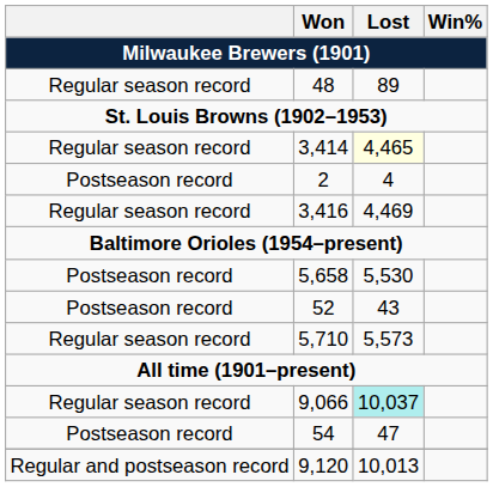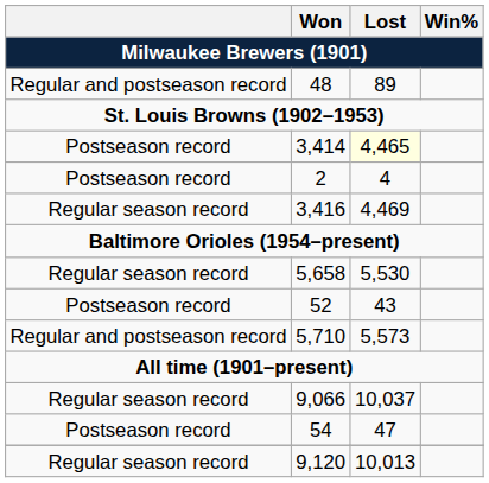 <table class="wikitable plainrowheaders" style="font-size:95%; text-align:center;">
 <tr>
 <th scope="col"></th>
 <th scope="col">Won</th>
 <th scope="col">Lost</th>
 <th scope="col">Win%</th>
 </tr>
 <tr>
 <td colspan="4" style="background-color:#0C2340; color:#FFFFFF;"><strong>Milwaukee Brewers (1901)</strong></td>
 </tr>
 <tr>
-<td>Regular season record</td>
+<td>Regular and postseason record</td>
 <td>48</td>
 <td>89</td>
 <td></td>
 </tr>
 <tr>
 <td colspan="4"><strong>St. Louis Browns (1902–1953)</strong></td>
 </tr>
 <tr>
-<td>Regular season record</td>
+<td>Postseason record</td>
 <td>3,414</td>
 <td style="background: lightyellow;">4,465</td>
 <td></td>
 </tr>
 <tr>
 <td>Postseason record</td>
 <td>2</td>
 <td>4</td>
 <td></td>
 </tr>
 <tr>
 <td>Regular season record</td>
 <td>3,416</td>
 <td>4,469</td>
 <td></td>
 </tr>
 <tr>
 <td colspan="4"><strong>Baltimore Orioles (1954–present)</strong></td>
 </tr>
 <tr>
-<td>Postseason record</td>
+<td>Regular season record</td>
 <td>5,658</td>
 <td>5,530</td>
 <td></td>
 </tr>
 <tr>
 <td>Postseason record</td>
 <td>52</td>
 <td>43</td>
 <td></td>
 </tr>
 <tr>
-<td>Regular season record</td>
+<td>Regular and postseason record</td>
 <td>5,710</td>
 <td>5,573</td>
 <td></td>
 </tr>
 <tr>
 <td colspan="4"><strong>All time (1901–present)</strong></td>
 </tr>
 <tr>
 <td>Regular season record</td>
 <td>9,066</td>
-<td style="background: paleturquoise;">10,037</td>
+<td>10,037</td>
 <td></td>
 </tr>
 <tr>
 <td>Postseason record</td>
 <td>54</td>
 <td>47</td>
 <td></td>
 </tr>
 <tr>
 </tr>
 <tr>
-<td>Regular and postseason record</td>
+<td>Regular season record</td>
 <td>9,120</td>
 <td>10,013</td>
 <td></td>
 </tr>
 </table>
